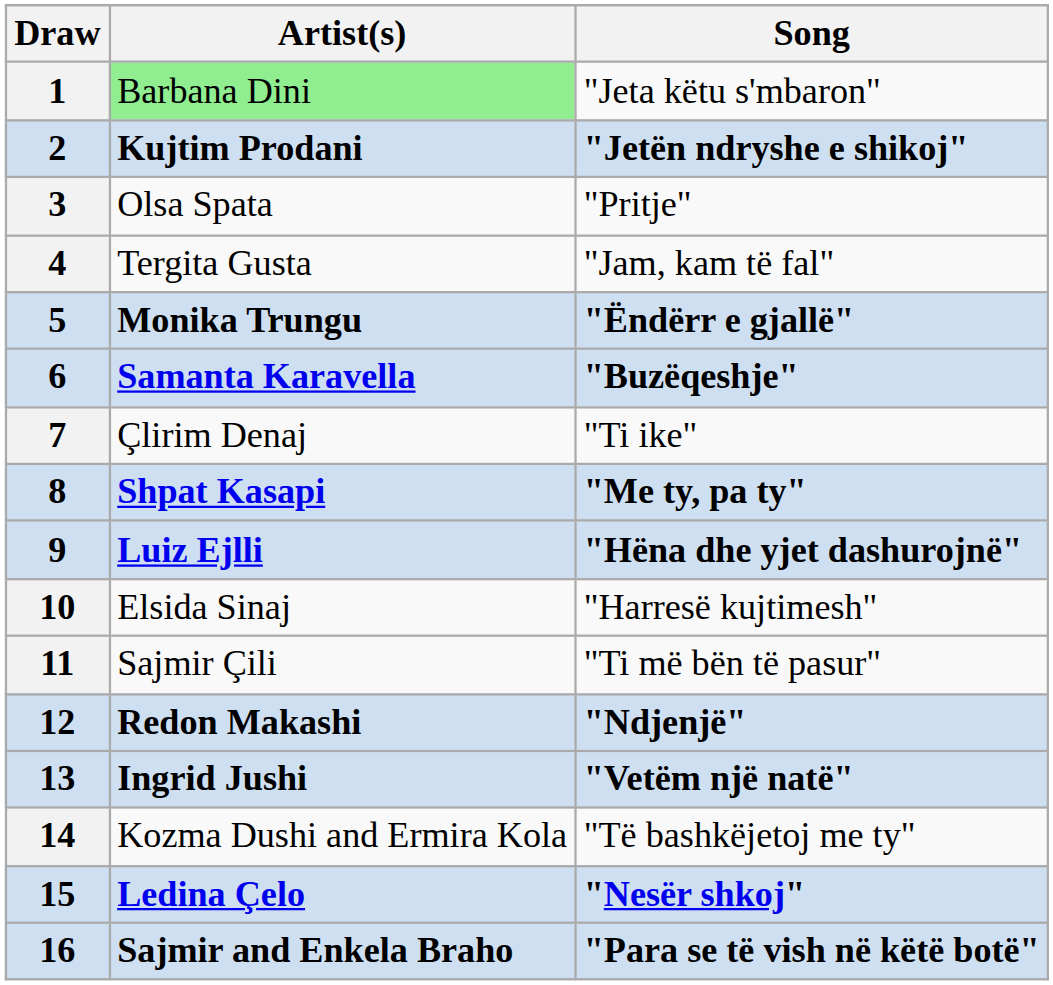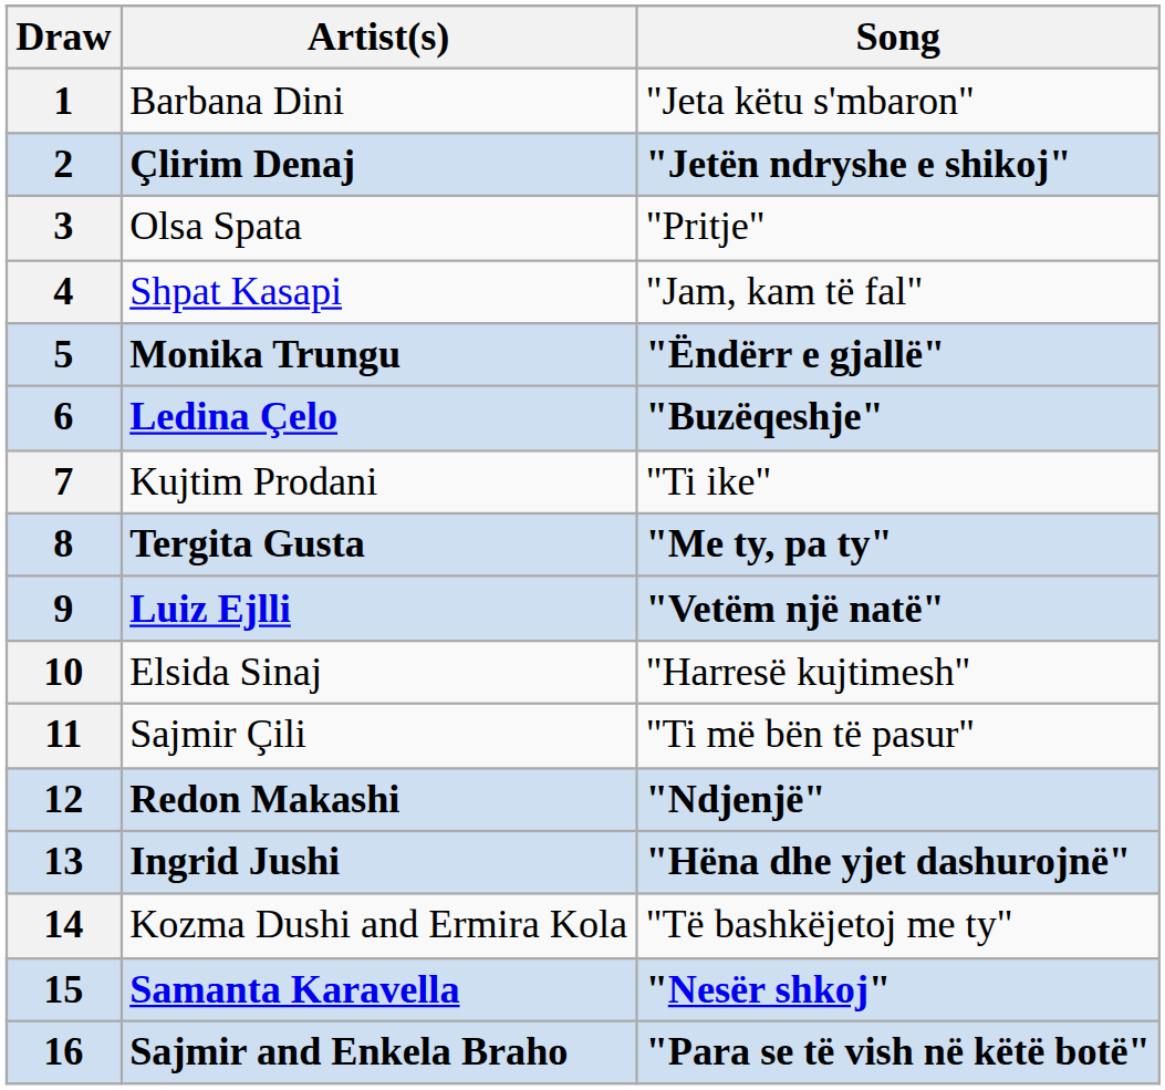 <table class="sortable wikitable plainrowheaders" style="margin: 1em auto 1em auto;">
 <tr>
 </tr>
 <tr>
 <th scope="col">Draw</th>
 <th scope="col">Artist(s)</th>
 <th scope="col">Song</th>
 </tr>
 <tr>
 <th scope="row" style="text-align:center;">1</th>
-<td style="background: lightgreen;">Barbana Dini</td>
+<td>Barbana Dini</td>
 <td>"Jeta këtu s'mbaron"</td>
 </tr>
 <tr style="font-weight:bold; background:#CEDFF2;">
 <th scope="row" style="text-align:center; font-weight:bold; background:#CEDFF2;">2</th>
-<td>Kujtim Prodani</td>
+<td>Çlirim Denaj</td>
 <td>"Jetën ndryshe e shikoj"</td>
 </tr>
 <tr>
 <th scope="row" style="text-align:center;">3</th>
 <td>Olsa Spata</td>
 <td>"Pritje"</td>
 </tr>
 <tr>
 <th scope="row" style="text-align:center;">4</th>
-<td>Tergita Gusta</td>
+<td><a href='#'>Shpat Kasapi</a></td>
 <td>"Jam, kam të fal"</td>
 </tr>
 <tr style="font-weight:bold; background:#CEDFF2;">
 <th scope="row" style="text-align:center; font-weight:bold; background:#CEDFF2;">5</th>
 <td>Monika Trungu</td>
 <td>"Ëndërr e gjallë"</td>
 </tr>
 <tr style="font-weight:bold; background:#CEDFF2;">
 <th scope="row" style="text-align:center; font-weight:bold; background:#CEDFF2;">6</th>
-<td><a href='#'>Samanta Karavella</a></td>
+<td><a href='#'>Ledina Çelo</a></td>
 <td>"Buzëqeshje"</td>
 </tr>
 <tr>
 <th scope="row" style="text-align:center;">7</th>
-<td>Çlirim Denaj</td>
+<td>Kujtim Prodani</td>
 <td>"Ti ike"</td>
 </tr>
 <tr style="font-weight:bold; background:#CEDFF2;">
 <th scope="row" style="text-align:center; font-weight:bold; background:#CEDFF2;">8</th>
-<td><a href='#'>Shpat Kasapi</a></td>
+<td>Tergita Gusta</td>
 <td>"Me ty, pa ty"</td>
 </tr>
 <tr style="font-weight:bold; background:#CEDFF2;">
 <th scope="row" style="text-align:center; font-weight:bold; background:#CEDFF2;">9</th>
 <td><a href='#'>Luiz Ejlli</a></td>
-<td>"Hëna dhe yjet dashurojnë"</td>
+<td>"Vetëm një natë"</td>
 </tr>
 <tr>
 <th scope="row" style="text-align:center;">10</th>
 <td>Elsida Sinaj</td>
 <td>"Harresë kujtimesh"</td>
 </tr>
 <tr>
 <th scope="row" style="text-align:center;">11</th>
 <td>Sajmir Çili</td>
 <td>"Ti më bën të pasur"</td>
 </tr>
 <tr style="font-weight:bold; background:#CEDFF2;">
 <th scope="row" style="text-align:center; font-weight:bold; background:#CEDFF2;">12</th>
 <td>Redon Makashi</td>
 <td>"Ndjenjë"</td>
 </tr>
 <tr style="font-weight:bold; background:#CEDFF2;">
 <th scope="row" style="text-align:center; font-weight:bold; background:#CEDFF2;">13</th>
 <td>Ingrid Jushi</td>
-<td>"Vetëm një natë"</td>
+<td>"Hëna dhe yjet dashurojnë"</td>
 </tr>
 <tr>
 <th scope="row" style="text-align:center;">14</th>
 <td>Kozma Dushi and Ermira Kola</td>
 <td>"Të bashkëjetoj me ty"</td>
 </tr>
 <tr style="font-weight:bold; background:#CEDFF2;">
 <th scope="row" style="text-align:center; font-weight:bold; background:#CEDFF2;">15</th>
-<td><a href='#'>Ledina Çelo</a></td>
+<td><a href='#'>Samanta Karavella</a></td>
 <td>"<a href='#'>Nesër shkoj</a>"</td>
 </tr>
 <tr style="font-weight:bold; background:#CEDFF2;">
 <th scope="row" style="text-align:center; font-weight:bold; background:#CEDFF2;">16</th>
 <td>Sajmir and Enkela Braho</td>
 <td>"Para se të vish në këtë botë"</td>
 </tr>
 </table>
